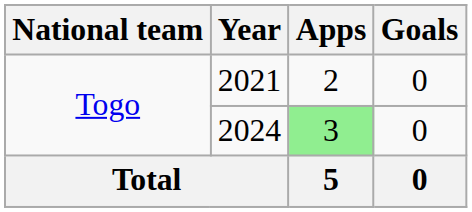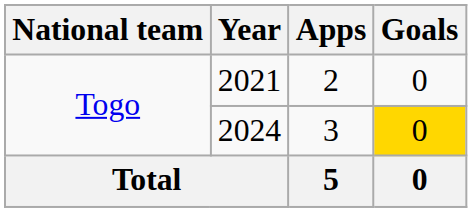 <table class="wikitable" style="text-align:center">
 <tr>
 <th>National team</th>
 <th>Year</th>
 <th>Apps</th>
 <th>Goals</th>
 </tr>
 <tr>
 <td rowspan="2"><a href='#'>Togo</a></td>
 <td>2021</td>
 <td>2</td>
 <td>0</td>
 </tr>
 <tr>
 <td>2024</td>
-<td style="background: lightgreen;">3</td>
-<td>0</td>
+<td>3</td>
+<td style="background: gold;">0</td>
 </tr>
 <tr>
 <th colspan="2">Total</th>
 <th>5</th>
 <th>0</th>
 </tr>
 </table>
